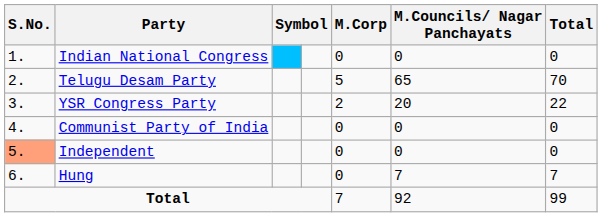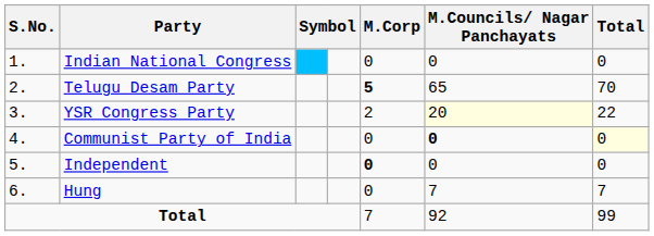 <table class="wikitable sortable">
 <tr>
 <th><strong>S.No.</strong></th>
 <th><strong>Party</strong></th>
 <th colspan="2"><strong>Symbol</strong></th>
 <th>M.Corp</th>
 <th>M.Councils/ Nagar<br>Panchayats</th>
 <th>Total</th>
 </tr>
 <tr>
 <td>1.</td>
 <td><a href='#'>Indian National Congress</a></td>
 <td bgcolor="#00BFFF"></td>
 <td></td>
 <td>0</td>
 <td>0</td>
 <td>0</td>
 </tr>
 <tr>
 <td>2.</td>
 <td><a href='#'>Telugu Desam Party</a></td>
 <td></td>
 <td></td>
-<td>5</td>
+<td><strong>5</strong></td>
 <td>65</td>
 <td>70</td>
 </tr>
 <tr>
 <td>3.</td>
 <td><a href='#'>YSR Congress Party</a></td>
 <td></td>
 <td></td>
 <td>2</td>
-<td>20</td>
+<td style="background: lightyellow;">20</td>
 <td>22</td>
 </tr>
 <tr>
 <td>4.</td>
 <td><a href='#'>Communist Party of India</a></td>
 <td></td>
 <td></td>
 <td>0</td>
-<td>0</td>
-<td>0</td>
+<td><strong>0</strong></td>
+<td style="background: lightyellow;">0</td>
 </tr>
 <tr>
-<td style="background: lightsalmon;">5.</td>
+<td>5.</td>
 <td><a href='#'>Independent</a></td>
 <td></td>
 <td></td>
-<td>0</td>
+<td><strong>0</strong></td>
 <td>0</td>
 <td>0</td>
 </tr>
 <tr>
 <td>6.</td>
 <td><a href='#'>Hung</a></td>
 <td></td>
 <td></td>
 <td>0</td>
 <td>7</td>
 <td>7</td>
 </tr>
 <tr>
 <td colspan="4" align="center"><strong>Total</strong></td>
 <td>7</td>
 <td>92</td>
 <td>99</td>
 </tr>
 </table>
